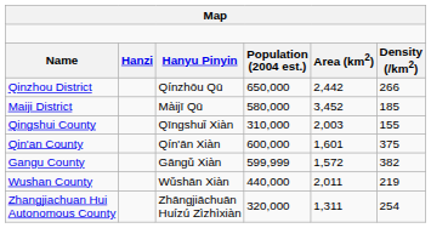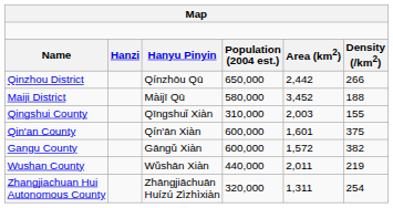 <table class="wikitable" style="font-size:90%;" align=center>
 <tr>
 <th colspan="7">Map</th>
 </tr>
 <tr>
 <td colspan="7"><div><br>          </div></td>
 </tr>
 <tr>
 <th>Name</th>
 <th><a href='#'>Hanzi</a></th>
 <th><a href='#'>Hanyu Pinyin</a></th>
 <th>Population<br>(2004 est.)</th>
 <th>Area (km<sup>2</sup>)</th>
 <th>Density<br>(/km<sup>2</sup>)</th>
 </tr>
 <tr --------->
 <td><a href='#'>Qinzhou District</a></td>
 <td></td>
 <td>Qínzhōu Qū</td>
 <td>650,000</td>
 <td>2,442</td>
 <td>266</td>
 </tr>
 <tr --------->
 <td><a href='#'>Maiji District</a></td>
 <td></td>
 <td>Màijī Qū</td>
 <td>580,000</td>
 <td>3,452</td>
-<td>185</td>
+<td>188</td>
 </tr>
 <tr --------->
 <td><a href='#'>Qingshui County</a></td>
 <td></td>
 <td>Qīngshuǐ Xiàn</td>
 <td>310,000</td>
 <td>2,003</td>
 <td>155</td>
 </tr>
 <tr --------->
 <td><a href='#'>Qin'an County</a></td>
 <td></td>
 <td>Qín'ān Xiàn</td>
 <td>600,000</td>
 <td>1,601</td>
 <td>375</td>
 </tr>
 <tr --------->
 <td><a href='#'>Gangu County</a></td>
 <td></td>
 <td>Gāngǔ Xiàn</td>
-<td>599,999</td>
+<td>600,000</td>
 <td>1,572</td>
 <td>382</td>
 </tr>
 <tr --------->
 <td><a href='#'>Wushan County</a></td>
 <td></td>
 <td>Wǔshān Xiàn</td>
 <td>440,000</td>
 <td>2,011</td>
 <td>219</td>
 </tr>
 <tr --------->
 <td><a href='#'>Zhangjiachuan Hui<br>Autonomous County</a></td>
 <td></td>
 <td>Zhāngjiāchuān<br>Huízú Zìzhìxiàn</td>
 <td>320,000</td>
 <td>1,311</td>
 <td>254</td>
 </tr>
 </table>
